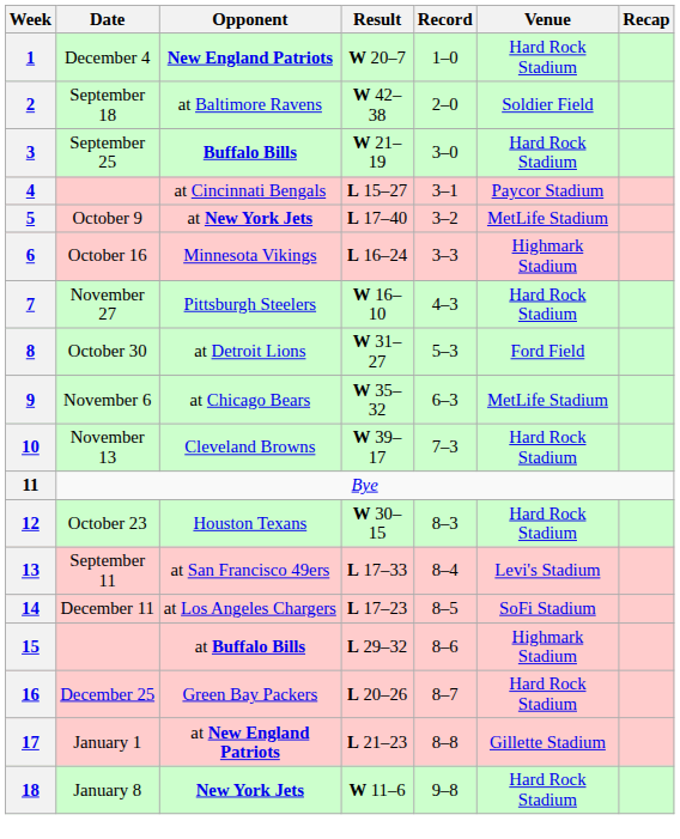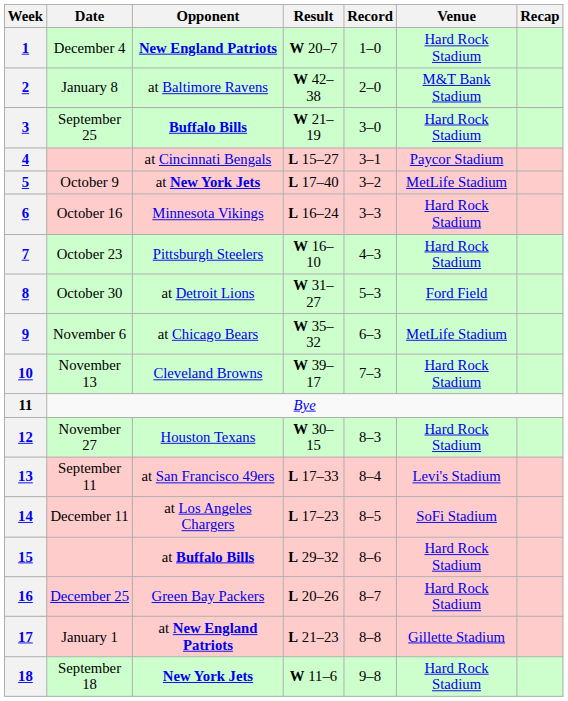 <table class="wikitable" style="text-align:center">
 <tr>
 <th>Week</th>
 <th>Date</th>
 <th>Opponent</th>
 <th>Result</th>
 <th>Record</th>
 <th>Venue</th>
 <th>Recap</th>
 </tr>
 <tr style="background:#cfc">
 <th><a href='#'>1</a></th>
 <td>December 4</td>
 <td><strong><a href='#'>New England Patriots</a></strong></td>
 <td><strong>W</strong> 20–7</td>
 <td>1–0</td>
 <td><a href='#'>Hard Rock Stadium</a></td>
 <td></td>
 </tr>
 <tr style="background:#cfc">
 <th><a href='#'>2</a></th>
-<td>September 18</td>
+<td>January 8</td>
 <td>at <a href='#'>Baltimore Ravens</a></td>
 <td><strong>W</strong> 42–38</td>
 <td>2–0</td>
-<td><a href='#'>Soldier Field</a></td>
+<td><a href='#'>M&T Bank Stadium</a></td>
 <td></td>
 </tr>
 <tr style="background:#cfc">
 <th><a href='#'>3</a></th>
 <td>September 25</td>
 <td><strong><a href='#'>Buffalo Bills</a></strong></td>
 <td><strong>W</strong> 21–19</td>
 <td>3–0</td>
 <td><a href='#'>Hard Rock Stadium</a></td>
 <td></td>
 </tr>
 <tr style="background:#fcc">
 <th><a href='#'>4</a></th>
 <td></td>
 <td>at <a href='#'>Cincinnati Bengals</a></td>
 <td><strong>L</strong> 15–27</td>
 <td>3–1</td>
 <td><a href='#'>Paycor Stadium</a></td>
 <td></td>
 </tr>
 <tr style="background:#fcc">
 <th><a href='#'>5</a></th>
 <td>October 9</td>
 <td>at <strong><a href='#'>New York Jets</a></strong></td>
 <td><strong>L</strong> 17–40</td>
 <td>3–2</td>
 <td><a href='#'>MetLife Stadium</a></td>
 <td></td>
 </tr>
 <tr style="background:#fcc">
 <th><a href='#'>6</a></th>
 <td>October 16</td>
 <td><a href='#'>Minnesota Vikings</a></td>
 <td><strong>L</strong> 16–24</td>
 <td>3–3</td>
-<td><a href='#'>Highmark Stadium</a></td>
+<td><a href='#'>Hard Rock Stadium</a></td>
 <td></td>
 </tr>
 <tr style="background:#cfc">
 <th><a href='#'>7</a></th>
-<td>November 27</td>
+<td>October 23</td>
 <td><a href='#'>Pittsburgh Steelers</a></td>
 <td><strong>W</strong> 16–10</td>
 <td>4–3</td>
 <td><a href='#'>Hard Rock Stadium</a></td>
 <td></td>
 </tr>
 <tr style="background:#cfc">
 <th><a href='#'>8</a></th>
 <td>October 30</td>
 <td>at <a href='#'>Detroit Lions</a></td>
 <td><strong>W</strong> 31–27</td>
 <td>5–3</td>
 <td><a href='#'>Ford Field</a></td>
 <td></td>
 </tr>
 <tr style="background:#cfc">
 <th><a href='#'>9</a></th>
 <td>November 6</td>
 <td>at <a href='#'>Chicago Bears</a></td>
 <td><strong>W</strong> 35–32</td>
 <td>6–3</td>
 <td><a href='#'>MetLife Stadium</a></td>
 <td></td>
 </tr>
 <tr style="background:#cfc">
 <th><a href='#'>10</a></th>
 <td>November 13</td>
 <td><a href='#'>Cleveland Browns</a></td>
 <td><strong>W</strong> 39–17</td>
 <td>7–3</td>
 <td><a href='#'>Hard Rock Stadium</a></td>
 <td></td>
 </tr>
 <tr>
 <th>11</th>
 <td colspan="6"><em><a href='#'>Bye</a></em></td>
 </tr>
 <tr style="background:#cfc">
 <th><a href='#'>12</a></th>
-<td>October 23</td>
+<td>November 27</td>
 <td><a href='#'>Houston Texans</a></td>
 <td><strong>W</strong> 30–15</td>
 <td>8–3</td>
 <td><a href='#'>Hard Rock Stadium</a></td>
 <td></td>
 </tr>
 <tr style="background:#fcc">
 <th><a href='#'>13</a></th>
 <td>September 11</td>
 <td>at <a href='#'>San Francisco 49ers</a></td>
 <td><strong>L</strong> 17–33</td>
 <td>8–4</td>
 <td><a href='#'>Levi's Stadium</a></td>
 <td></td>
 </tr>
 <tr style="background:#fcc">
 <th><a href='#'>14</a></th>
 <td>December 11</td>
 <td>at <a href='#'>Los Angeles Chargers</a></td>
 <td><strong>L</strong> 17–23</td>
 <td>8–5</td>
 <td><a href='#'>SoFi Stadium</a></td>
 <td></td>
 </tr>
 <tr style="background:#fcc">
 <th><a href='#'>15</a></th>
 <td></td>
 <td>at <strong><a href='#'>Buffalo Bills</a></strong></td>
 <td><strong>L</strong> 29–32</td>
 <td>8–6</td>
-<td><a href='#'>Highmark Stadium</a></td>
+<td><a href='#'>Hard Rock Stadium</a></td>
 <td></td>
 </tr>
 <tr style="background:#fcc">
 <th><a href='#'>16</a></th>
 <td><a href='#'>December 25</a></td>
 <td><a href='#'>Green Bay Packers</a></td>
 <td><strong>L</strong> 20–26</td>
 <td>8–7</td>
 <td><a href='#'>Hard Rock Stadium</a></td>
 <td></td>
 </tr>
 <tr style="background:#fcc">
 <th><a href='#'>17</a></th>
 <td>January 1</td>
 <td>at <strong><a href='#'>New England Patriots</a></strong></td>
 <td><strong>L</strong> 21–23</td>
 <td>8–8</td>
 <td><a href='#'>Gillette Stadium</a></td>
 <td></td>
 </tr>
 <tr style="background:#cfc">
 <th><a href='#'>18</a></th>
-<td>January 8</td>
+<td>September 18</td>
 <td><strong><a href='#'>New York Jets</a></strong></td>
 <td><strong>W</strong> 11–6</td>
 <td>9–8</td>
 <td><a href='#'>Hard Rock Stadium</a></td>
 <td></td>
 </tr>
 </table>
